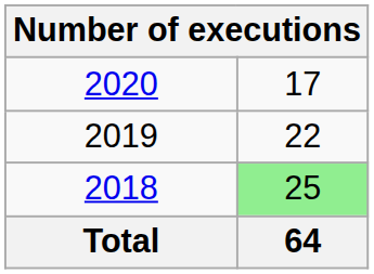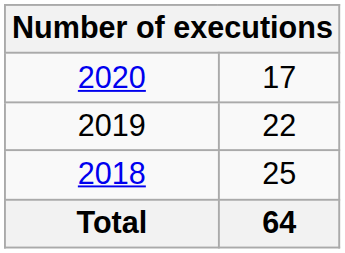 <table class="wikitable" style="text-align:center;">
 <tr>
 <th ! colspan="2">Number of executions</th>
 </tr>
 <tr>
 <td><a href='#'>2020</a></td>
 <td>17</td>
 </tr>
 <tr>
 <td>2019</td>
 <td>22</td>
 </tr>
 <tr>
 <td><a href='#'>2018</a></td>
-<td style="background: lightgreen;">25</td>
+<td>25</td>
 </tr>
 <tr>
 <th>Total</th>
 <th>64</th>
 </tr>
 </table>
